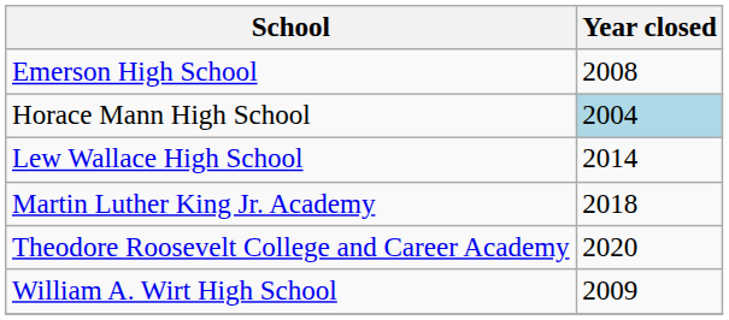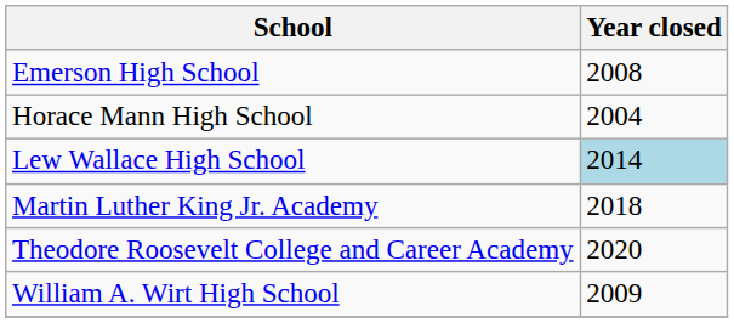 <table class="wikitable sortable">
 <tr>
 <th>School</th>
 <th>Year closed</th>
 </tr>
 <tr>
 <td><a href='#'>Emerson High School</a></td>
 <td>2008</td>
 </tr>
 <tr>
 <td>Horace Mann High School</td>
-<td style="background: lightblue;">2004</td>
+<td>2004</td>
 </tr>
 <tr>
 <td><a href='#'>Lew Wallace High School</a></td>
-<td>2014</td>
+<td style="background: lightblue;">2014</td>
 </tr>
 <tr>
 <td><a href='#'>Martin Luther King Jr. Academy</a></td>
 <td>2018</td>
 </tr>
 <tr>
 <td><a href='#'>Theodore Roosevelt College and Career Academy</a></td>
 <td>2020</td>
 </tr>
 <tr>
 <td><a href='#'>William A. Wirt High School</a></td>
 <td>2009</td>
 </tr>
 <tr>
 </tr>
 </table>
